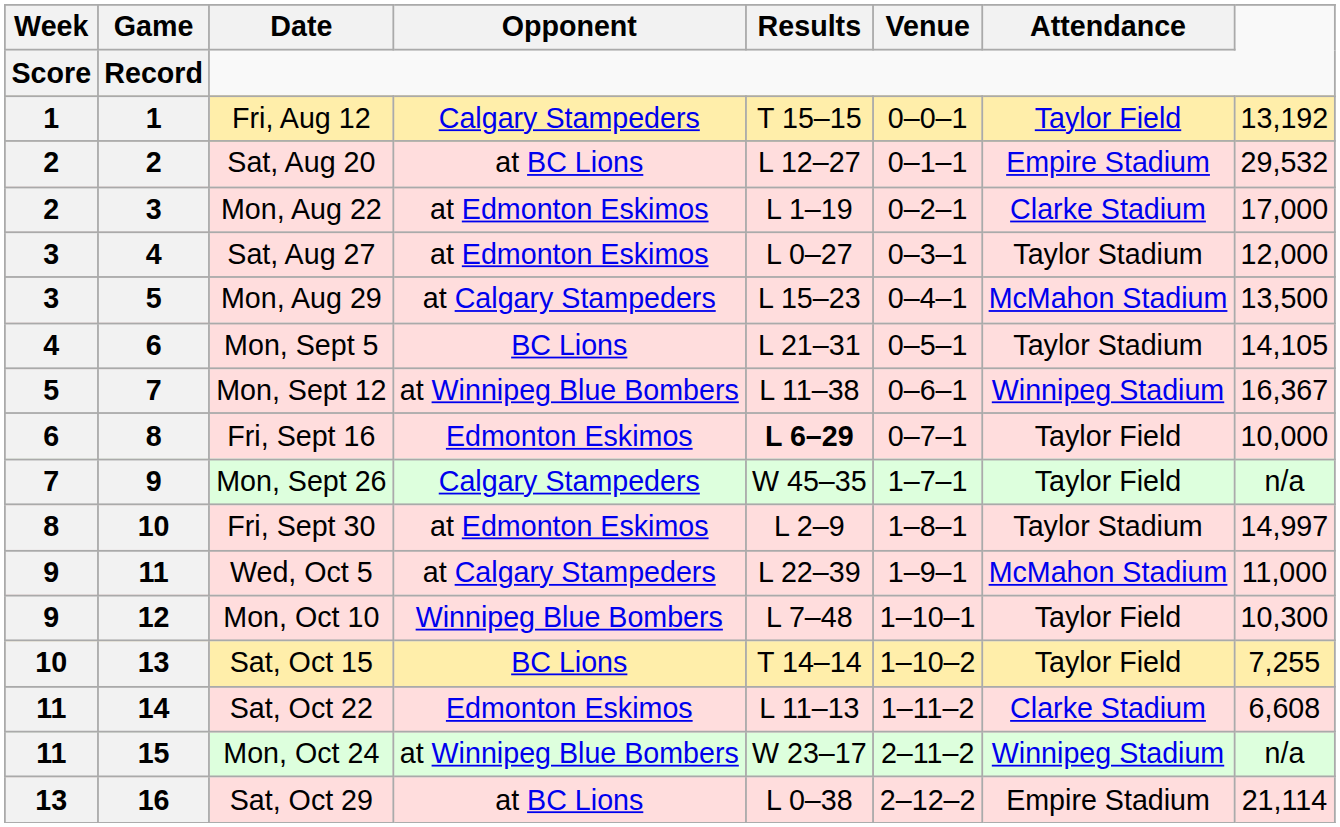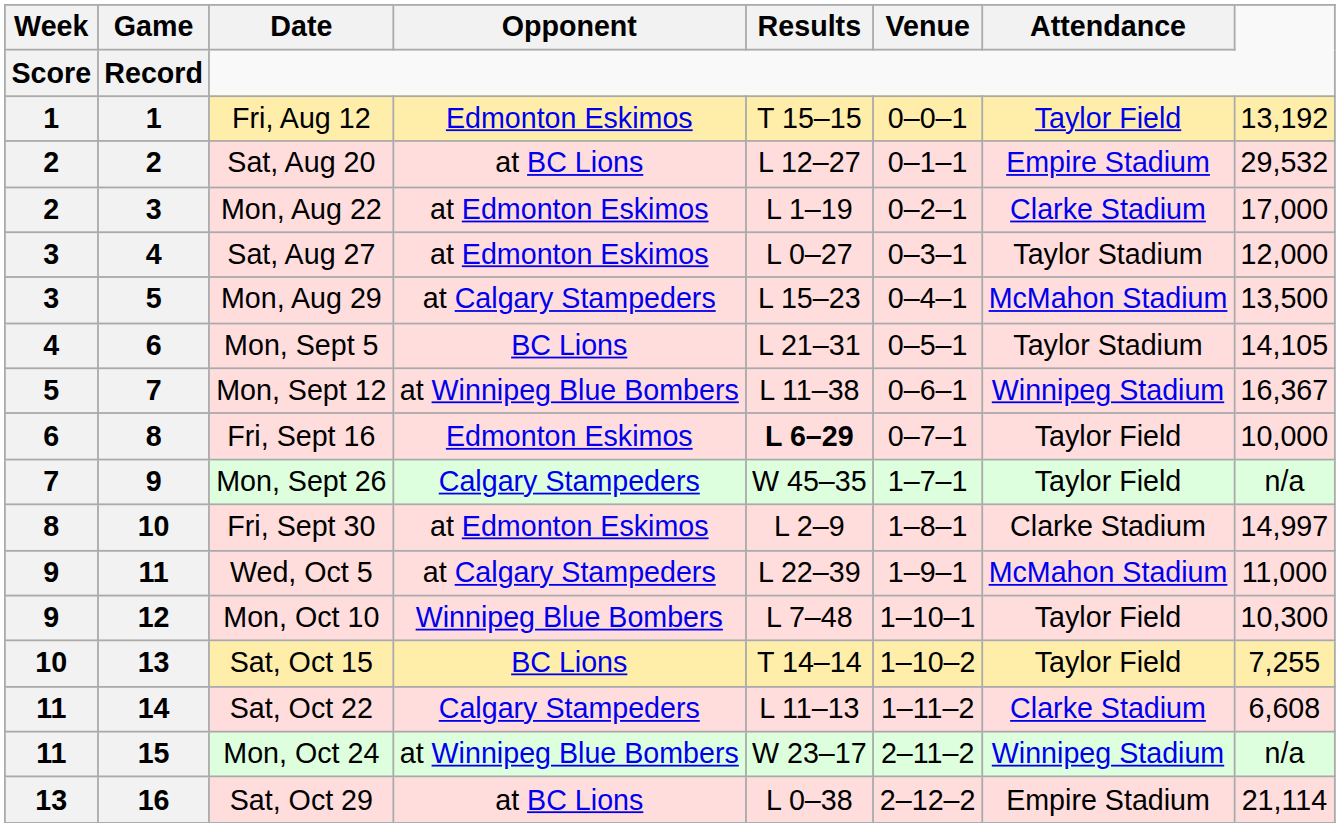 <table class="wikitable" style="text-align:center">
 <tr>
 <th>Week</th>
 <th>Game</th>
 <th>Date</th>
 <th>Opponent</th>
 <th>Results</th>
 <th>Venue</th>
 <th>Attendance</th>
 </tr>
 <tr>
 <th>Score</th>
 <th>Record</th>
 </tr>
 <tr style="background:#ffeeaa">
 <th>1</th>
 <th>1</th>
 <td>Fri, Aug 12</td>
-<td><a href='#'>Calgary Stampeders</a></td>
+<td><a href='#'>Edmonton Eskimos</a></td>
 <td>T 15–15</td>
 <td>0–0–1</td>
 <td><a href='#'>Taylor Field</a></td>
 <td>13,192</td>
 </tr>
 <tr style="background:#ffdddd">
 <th>2</th>
 <th>2</th>
 <td>Sat, Aug 20</td>
 <td>at <a href='#'>BC Lions</a></td>
 <td>L 12–27</td>
 <td>0–1–1</td>
 <td><a href='#'>Empire Stadium</a></td>
 <td>29,532</td>
 </tr>
 <tr style="background:#ffdddd">
 <th>2</th>
 <th>3</th>
 <td>Mon, Aug 22</td>
 <td>at <a href='#'>Edmonton Eskimos</a></td>
 <td>L 1–19</td>
 <td>0–2–1</td>
 <td><a href='#'>Clarke Stadium</a></td>
 <td>17,000</td>
 </tr>
 <tr style="background:#ffdddd">
 <th>3</th>
 <th>4</th>
 <td>Sat, Aug 27</td>
 <td>at <a href='#'>Edmonton Eskimos</a></td>
 <td>L 0–27</td>
 <td>0–3–1</td>
 <td>Taylor Stadium</td>
 <td>12,000</td>
 </tr>
 <tr style="background:#ffdddd">
 <th>3</th>
 <th>5</th>
 <td>Mon, Aug 29</td>
 <td>at <a href='#'>Calgary Stampeders</a></td>
 <td>L 15–23</td>
 <td>0–4–1</td>
 <td><a href='#'>McMahon Stadium</a></td>
 <td>13,500</td>
 </tr>
 <tr style="background:#ffdddd">
 <th>4</th>
 <th>6</th>
 <td>Mon, Sept 5</td>
 <td><a href='#'>BC Lions</a></td>
 <td>L 21–31</td>
 <td>0–5–1</td>
 <td>Taylor Stadium</td>
 <td>14,105</td>
 </tr>
 <tr style="background:#ffdddd">
 <th>5</th>
 <th>7</th>
 <td>Mon, Sept 12</td>
 <td>at <a href='#'>Winnipeg Blue Bombers</a></td>
 <td>L 11–38</td>
 <td>0–6–1</td>
 <td><a href='#'>Winnipeg Stadium</a></td>
 <td>16,367</td>
 </tr>
 <tr style="background:#ffdddd">
 <th>6</th>
 <th>8</th>
 <td>Fri, Sept 16</td>
 <td><a href='#'>Edmonton Eskimos</a></td>
 <td><strong>L 6–29</strong></td>
 <td>0–7–1</td>
 <td>Taylor Field</td>
 <td>10,000</td>
 </tr>
 <tr style="background:#ddffdd">
 <th>7</th>
 <th>9</th>
 <td>Mon, Sept 26</td>
 <td><a href='#'>Calgary Stampeders</a></td>
 <td>W 45–35</td>
 <td>1–7–1</td>
 <td>Taylor Field</td>
 <td>n/a</td>
 </tr>
 <tr style="background:#ffdddd">
 <th>8</th>
 <th>10</th>
 <td>Fri, Sept 30</td>
 <td>at <a href='#'>Edmonton Eskimos</a></td>
 <td>L 2–9</td>
 <td>1–8–1</td>
-<td>Taylor Stadium</td>
+<td>Clarke Stadium</td>
 <td>14,997</td>
 </tr>
 <tr style="background:#ffdddd">
 <th>9</th>
 <th>11</th>
 <td>Wed, Oct 5</td>
 <td>at <a href='#'>Calgary Stampeders</a></td>
 <td>L 22–39</td>
 <td>1–9–1</td>
 <td><a href='#'>McMahon Stadium</a></td>
 <td>11,000</td>
 </tr>
 <tr style="background:#ffdddd">
 <th>9</th>
 <th>12</th>
 <td>Mon, Oct 10</td>
 <td><a href='#'>Winnipeg Blue Bombers</a></td>
 <td>L 7–48</td>
 <td>1–10–1</td>
 <td>Taylor Field</td>
 <td>10,300</td>
 </tr>
 <tr style="background:#ffeeaa">
 <th>10</th>
 <th>13</th>
 <td>Sat, Oct 15</td>
 <td><a href='#'>BC Lions</a></td>
 <td>T 14–14</td>
 <td>1–10–2</td>
 <td>Taylor Field</td>
 <td>7,255</td>
 </tr>
 <tr style="background:#ffdddd">
 <th>11</th>
 <th>14</th>
 <td>Sat, Oct 22</td>
-<td><a href='#'>Edmonton Eskimos</a></td>
+<td><a href='#'>Calgary Stampeders</a></td>
 <td>L 11–13</td>
 <td>1–11–2</td>
 <td><a href='#'>Clarke Stadium</a></td>
 <td>6,608</td>
 </tr>
 <tr style="background:#ddffdd">
 <th>11</th>
 <th>15</th>
 <td>Mon, Oct 24</td>
 <td>at <a href='#'>Winnipeg Blue Bombers</a></td>
 <td>W 23–17</td>
 <td>2–11–2</td>
 <td><a href='#'>Winnipeg Stadium</a></td>
 <td>n/a</td>
 </tr>
 <tr style="background:#ffdddd">
 <th>13</th>
 <th>16</th>
 <td>Sat, Oct 29</td>
 <td>at <a href='#'>BC Lions</a></td>
 <td>L 0–38</td>
 <td>2–12–2</td>
 <td>Empire Stadium</td>
 <td>21,114</td>
 </tr>
 </table>
